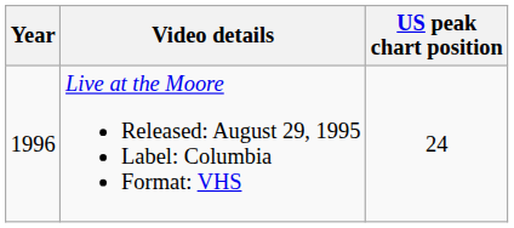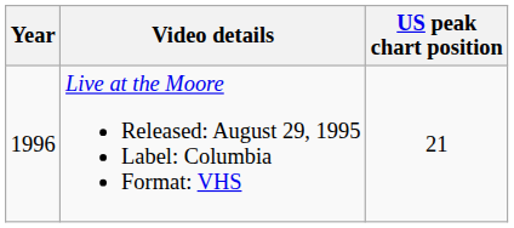 <table class="wikitable">
 <tr>
 <th>Year</th>
 <th>Video details</th>
 <th><a href='#'>US</a> peak<br>chart position</th>
 </tr>
 <tr>
 <td>1996</td>
 <td align="left"><em><a href='#'>Live at the Moore</a></em><br><ul><li>Released: August 29, 1995</li><li>Label: Columbia</li><li>Format: <a href='#'>VHS</a></li></ul></td>
-<td align="center">24</td>
+<td align="center">21</td>
 </tr>
 </table>
